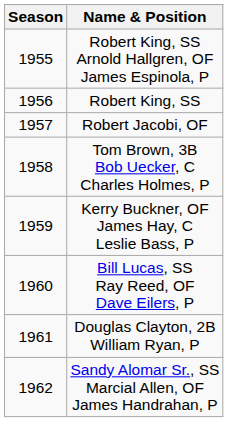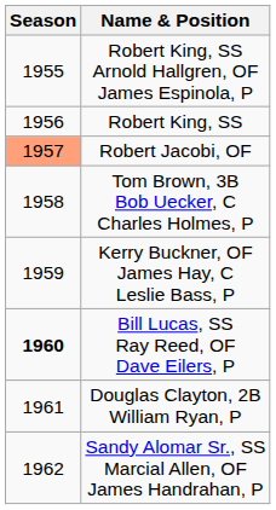 <table class="wikitable" style="text-align:center; font-size: 95%;">
 <tr>
 <th>Season</th>
 <th>Name & Position</th>
 </tr>
 <tr>
 <td>1955</td>
 <td>Robert King, SS<br>Arnold Hallgren, OF<br>James Espinola, P</td>
 </tr>
 <tr>
 <td>1956</td>
 <td>Robert King, SS</td>
 </tr>
 <tr>
-<td>1957</td>
+<td style="background: lightsalmon;">1957</td>
 <td>Robert Jacobi, OF</td>
 </tr>
 <tr>
 <td>1958</td>
 <td>Tom Brown, 3B<br><a href='#'>Bob Uecker</a>, C<br>Charles Holmes, P</td>
 </tr>
 <tr>
 <td>1959</td>
 <td>Kerry Buckner, OF<br>James Hay, C<br>Leslie Bass, P</td>
 </tr>
 <tr>
-<td>1960</td>
+<td><strong>1960</strong></td>
 <td><a href='#'>Bill Lucas</a>, SS<br>Ray Reed, OF<br><a href='#'>Dave Eilers</a>, P</td>
 </tr>
 <tr>
 <td>1961</td>
 <td>Douglas Clayton, 2B<br>William Ryan, P</td>
 </tr>
 <tr>
 <td>1962</td>
 <td><a href='#'>Sandy Alomar Sr.</a>, SS<br>Marcial Allen, OF<br>James Handrahan, P</td>
 </tr>
 </table>
